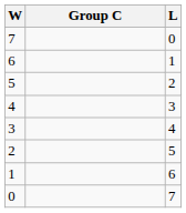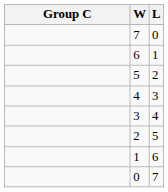 <table class="wikitable">
 <tr>
+<th width=150>Group C</th>
 <th>W</th>
-<th width=150>Group C</th>
 <th>L</th>
 </tr>
 <tr>
+<td></td>
 <td>7</td>
-<td></td>
 <td>0</td>
 </tr>
 <tr>
+<td></td>
 <td>6</td>
-<td></td>
 <td>1</td>
 </tr>
 <tr>
+<td></td>
 <td>5</td>
-<td></td>
 <td>2</td>
 </tr>
 <tr>
+<td></td>
 <td>4</td>
-<td></td>
 <td>3</td>
 </tr>
 <tr>
+<td></td>
 <td>3</td>
-<td></td>
 <td>4</td>
 </tr>
 <tr>
+<td></td>
 <td>2</td>
-<td></td>
 <td>5</td>
 </tr>
 <tr>
+<td></td>
 <td>1</td>
-<td></td>
 <td>6</td>
 </tr>
 <tr>
+<td></td>
 <td>0</td>
-<td></td>
 <td>7</td>
 </tr>
 </table>
